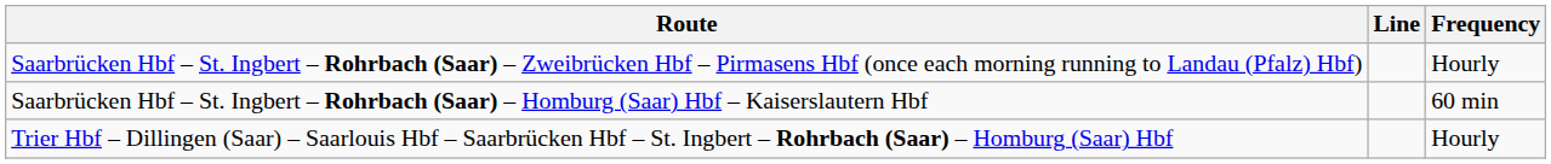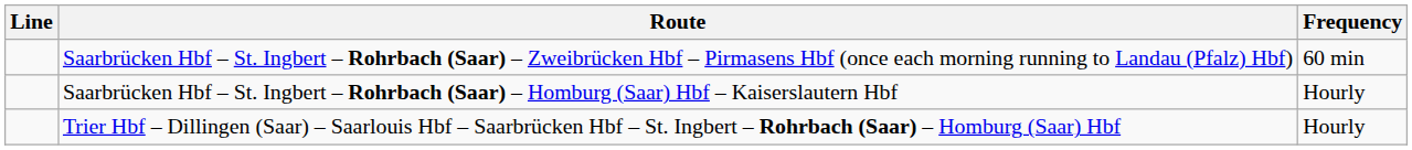 <table class="wikitable">
 <tr>
+<th>Line</th>
 <th>Route</th>
-<th>Line</th>
 <th>Frequency</th>
 </tr>
 <tr>
+<td></td>
 <td><a href='#'>Saarbrücken Hbf</a> – <a href='#'>St. Ingbert</a> – <strong>Rohrbach (Saar)</strong> – <a href='#'>Zweibrücken Hbf</a> – <a href='#'>Pirmasens Hbf</a> (once each morning running to <a href='#'>Landau (Pfalz) Hbf</a>)</td>
+<td>60 min</td>
+</tr>
+<tr>
 <td></td>
+<td>Saarbrücken Hbf – St. Ingbert – <strong>Rohrbach (Saar)</strong> – <a href='#'>Homburg (Saar) Hbf</a> – Kaiserslautern Hbf</td>
 <td>Hourly</td>
 </tr>
 <tr>
-<td>Saarbrücken Hbf – St. Ingbert – <strong>Rohrbach (Saar)</strong> – <a href='#'>Homburg (Saar) Hbf</a> – Kaiserslautern Hbf</td>
 <td></td>
-<td>60 min</td>
-</tr>
-<tr>
 <td><a href='#'>Trier Hbf</a> – Dillingen (Saar) – Saarlouis Hbf – Saarbrücken Hbf – St. Ingbert – <strong>Rohrbach (Saar)</strong> – <a href='#'>Homburg (Saar) Hbf</a></td>
-<td></td>
 <td>Hourly</td>
 </tr>
 </table>
